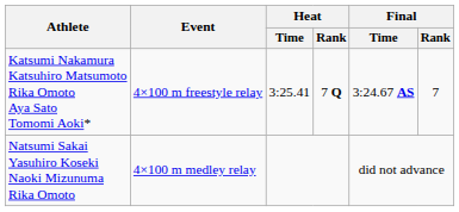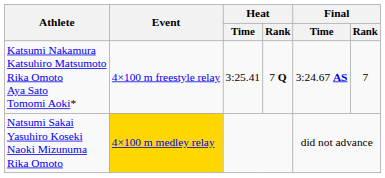 <table class="wikitable" style="text-align:center; font-size:90%">
 <tr>
 <th rowspan=2>Athlete</th>
 <th rowspan=2>Event</th>
 <th colspan=2>Heat</th>
 <th colspan=2>Final</th>
 </tr>
 <tr style="font-size:95%">
 <th>Time</th>
 <th>Rank</th>
 <th>Time</th>
 <th>Rank</th>
 </tr>
 <tr>
 <td align=left><a href='#'>Katsumi Nakamura</a><br><a href='#'>Katsuhiro Matsumoto</a><br><a href='#'>Rika Omoto</a><br><a href='#'>Aya Sato</a><br><a href='#'>Tomomi Aoki</a>*</td>
 <td align=left><a href='#'>4×100 m freestyle relay</a></td>
 <td>3:25.41</td>
 <td>7 <strong>Q</strong></td>
 <td>3:24.67 <strong><a href='#'>AS</a></strong></td>
 <td>7</td>
 </tr>
 <tr>
 <td align=left><a href='#'>Natsumi Sakai</a><br><a href='#'>Yasuhiro Koseki</a><br><a href='#'>Naoki Mizunuma</a><br><a href='#'>Rika Omoto</a></td>
-<td align=left><a href='#'>4×100 m medley relay</a></td>
+<td align=left style="background: gold;"><a href='#'>4×100 m medley relay</a></td>
 <td colspan=2></td>
 <td colspan=2>did not advance</td>
 </tr>
 </table>
